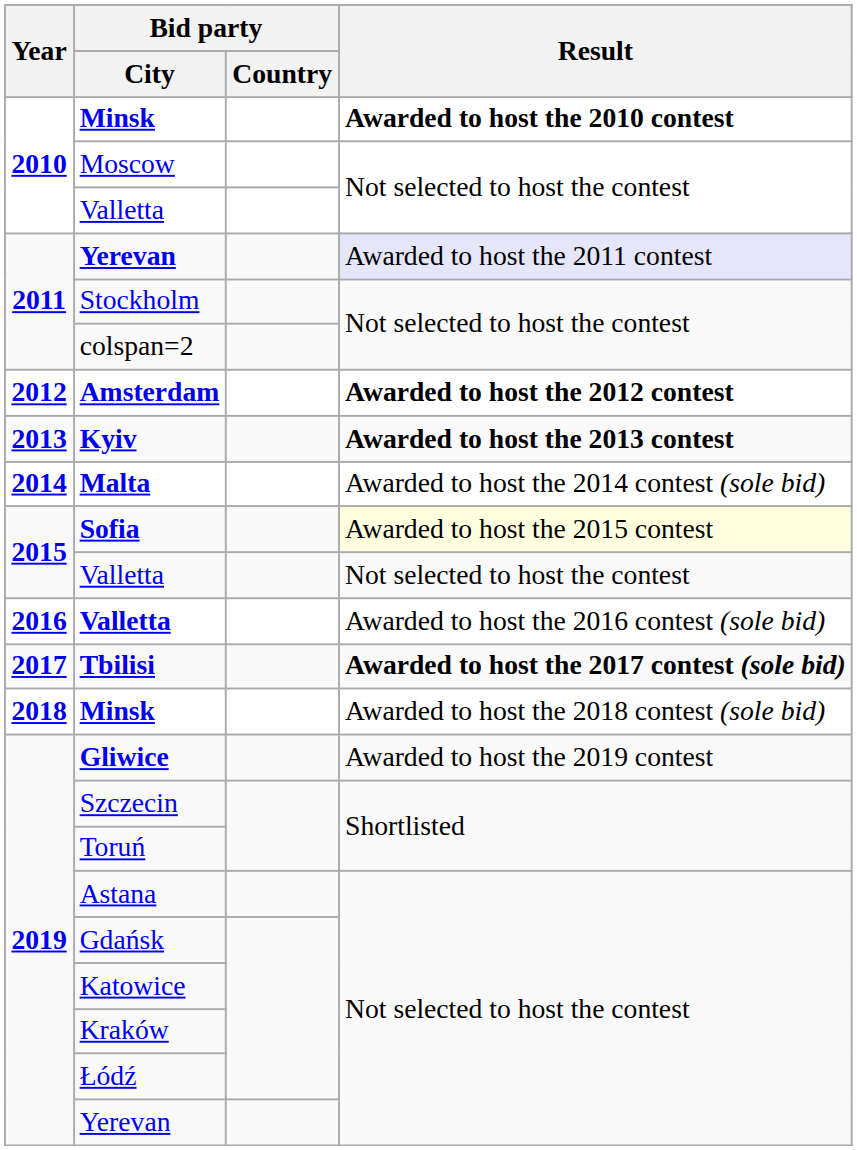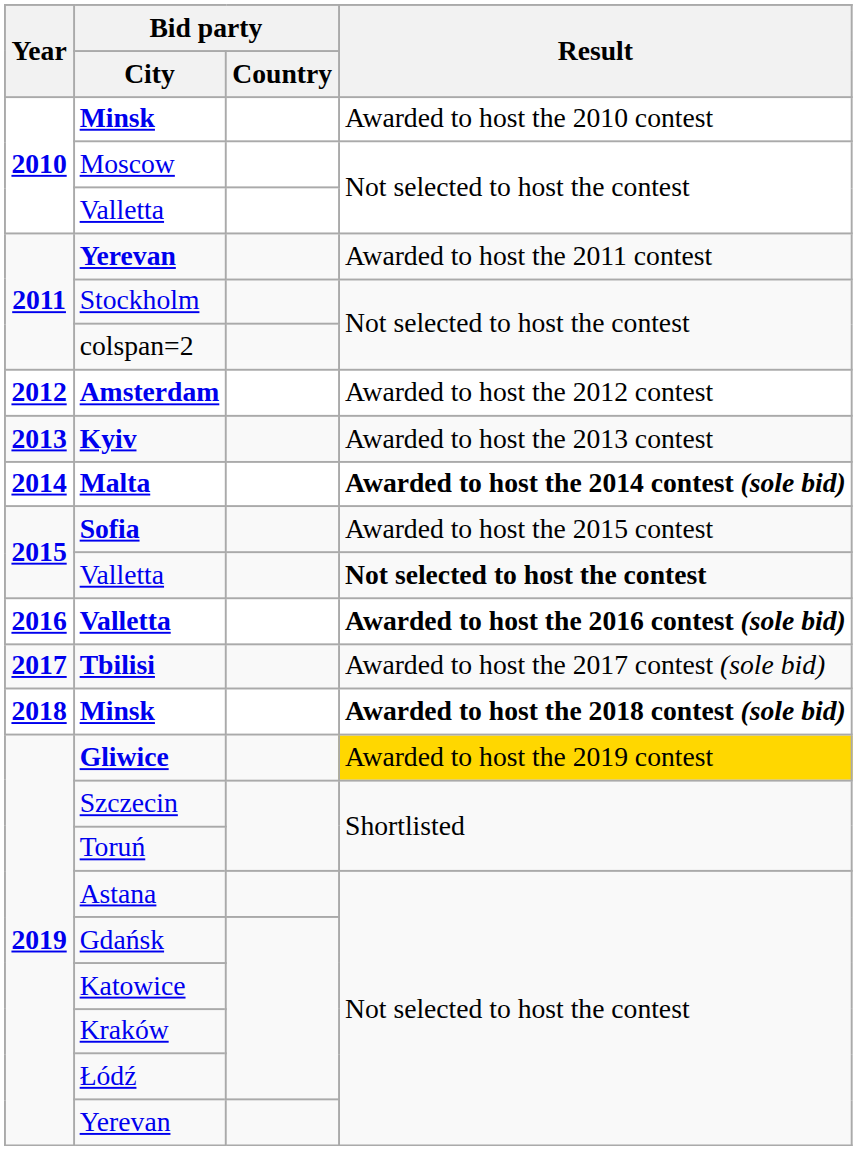 <table class="wikitable collapsible" style="font-size:90%">
 <tr>
 <th rowspan=2>Year</th>
 <th colspan=2>Bid party</th>
 <th rowspan=2>Result</th>
 </tr>
 <tr>
 <th>City</th>
 <th>Country</th>
 </tr>
 <tr bgcolor=white>
 <td rowspan=3 align=center><strong><a href='#'>2010</a></strong></td>
 <td><strong><a href='#'>Minsk</a></strong></td>
 <td><strong></strong></td>
-<td><strong>Awarded to host the 2010 contest</strong></td>
+<td>Awarded to host the 2010 contest</td>
 </tr>
 <tr bgcolor=white>
 <td><a href='#'>Moscow</a></td>
 <td></td>
 <td rowspan=2>Not selected to host the contest</td>
 </tr>
 <tr bgcolor=white>
 <td><a href='#'>Valletta</a></td>
 <td></td>
 </tr>
 <tr>
 <td rowspan=3 align=center><strong><a href='#'>2011</a></strong></td>
 <td><strong><a href='#'>Yerevan</a></strong></td>
 <td><strong></strong></td>
-<td style="background: lavender;">Awarded to host the 2011 contest</td>
+<td>Awarded to host the 2011 contest</td>
 </tr>
 <tr>
 <td><a href='#'>Stockholm</a></td>
 <td></td>
 <td rowspan=2>Not selected to host the contest</td>
 </tr>
 <tr>
 <td>colspan=2 </td>
 </tr>
 <tr bgcolor=white>
 <td align=center><strong><a href='#'>2012</a></strong></td>
 <td><strong><a href='#'>Amsterdam</a></strong></td>
 <td><strong></strong></td>
-<td><strong>Awarded to host the 2012 contest</strong></td>
+<td>Awarded to host the 2012 contest</td>
 </tr>
 <tr>
 <td align=center><strong><a href='#'>2013</a></strong></td>
 <td><strong><a href='#'>Kyiv</a></strong></td>
 <td><strong></strong></td>
-<td><strong>Awarded to host the 2013 contest</strong></td>
+<td>Awarded to host the 2013 contest</td>
 </tr>
 <tr bgcolor=white>
 <td align=center><strong><a href='#'>2014</a></strong></td>
 <td><strong><a href='#'>Malta</a></strong></td>
 <td><strong></strong></td>
-<td>Awarded to host the 2014 contest <em>(sole bid)</em></td>
+<td><strong>Awarded to host the 2014 contest <em>(sole bid)</em></strong></td>
 </tr>
 <tr>
 <td rowspan=2 align=center><strong><a href='#'>2015</a></strong></td>
 <td><strong><a href='#'>Sofia</a></strong></td>
 <td><strong></strong></td>
-<td style="background: lightyellow;">Awarded to host the 2015 contest</td>
+<td>Awarded to host the 2015 contest</td>
 </tr>
 <tr>
 <td><a href='#'>Valletta</a></td>
 <td></td>
-<td>Not selected to host the contest</td>
+<td><strong>Not selected to host the contest</strong></td>
 </tr>
 <tr bgcolor=white>
 <td align=center><strong><a href='#'>2016</a></strong></td>
 <td><strong><a href='#'>Valletta</a></strong></td>
 <td><strong></strong></td>
-<td>Awarded to host the 2016 contest <em>(sole bid)</em></td>
+<td><strong>Awarded to host the 2016 contest <em>(sole bid)</em></strong></td>
 </tr>
 <tr>
 <td align=center><strong><a href='#'>2017</a></strong></td>
 <td><strong><a href='#'>Tbilisi</a></strong></td>
 <td><strong></strong></td>
-<td><strong>Awarded to host the 2017 contest <em>(sole bid)</em></strong></td>
+<td>Awarded to host the 2017 contest <em>(sole bid)</em></td>
 </tr>
 <tr bgcolor=white>
 <td align=center><strong><a href='#'>2018</a></strong></td>
 <td><strong><a href='#'>Minsk</a></strong></td>
 <td><strong></strong></td>
-<td>Awarded to host the 2018 contest <em>(sole bid)</em></td>
+<td><strong>Awarded to host the 2018 contest <em>(sole bid)</em></strong></td>
 </tr>
 <tr>
 <td rowspan=9 align=center><strong><a href='#'>2019</a></strong></td>
 <td><strong><a href='#'>Gliwice</a></strong></td>
 <td><strong></strong></td>
-<td>Awarded to host the 2019 contest</td>
+<td style="background: gold;">Awarded to host the 2019 contest</td>
 </tr>
 <tr>
 <td><a href='#'>Szczecin</a></td>
 <td rowspan=2></td>
 <td rowspan=2>Shortlisted</td>
 </tr>
 <tr>
 <td><a href='#'>Toruń</a></td>
 </tr>
 <tr>
 <td><a href='#'>Astana</a></td>
 <td></td>
 <td rowspan=6>Not selected to host the contest</td>
 </tr>
 <tr>
 <td><a href='#'>Gdańsk</a></td>
 <td rowspan=4></td>
 </tr>
 <tr>
 <td><a href='#'>Katowice</a></td>
 </tr>
 <tr>
 <td><a href='#'>Kraków</a></td>
 </tr>
 <tr>
 <td><a href='#'>Łódź</a></td>
 </tr>
 <tr>
 <td><a href='#'>Yerevan</a></td>
 <td></td>
 </tr>
 </table>
